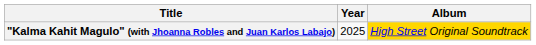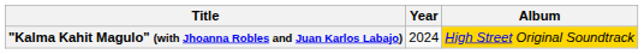 <table class="wikitable plainrowheaders" style="text-align:center;">
 <tr>
 <th scope="col">Title</th>
 <th scope="col">Year</th>
 <th scope="col">Album</th>
 </tr>
 <tr>
 <th scope="row">"Kalma Kahit Magulo" <small>(with <a href='#'>Jhoanna Robles</a> and <a href='#'>Juan Karlos Labajo</a>)</small></th>
-<td>2025</td>
+<td>2024</td>
 <td style="background: gold;"><em><a href='#'>High Street</a></em> <em>Original Soundtrack</em></td>
 </tr>
 </table>
